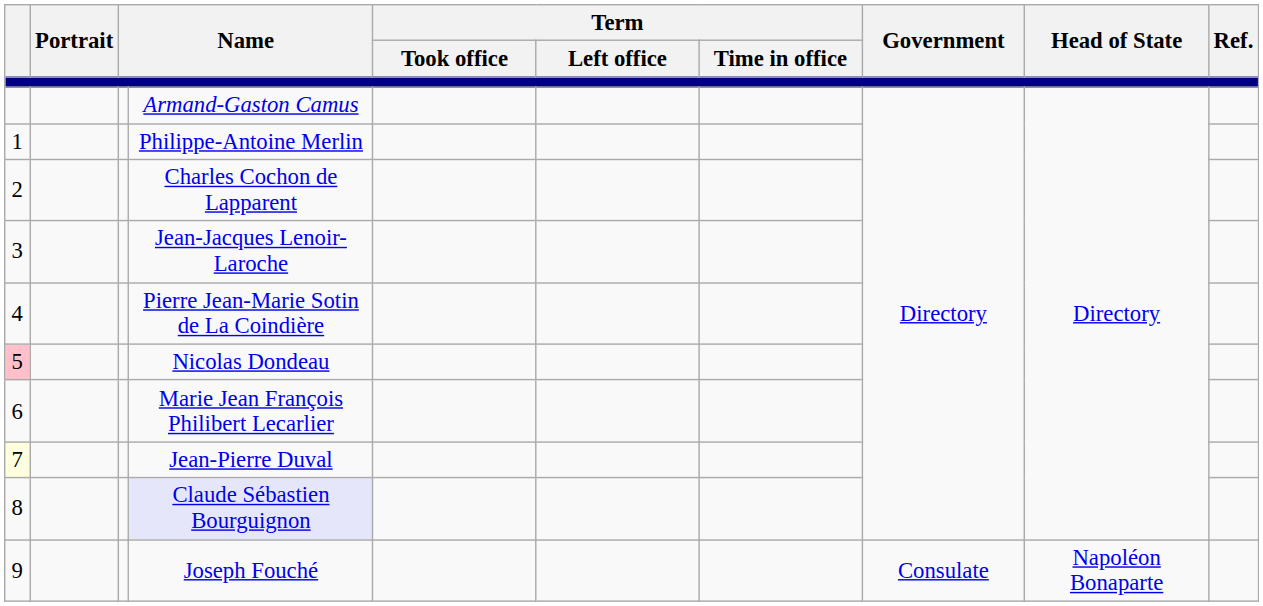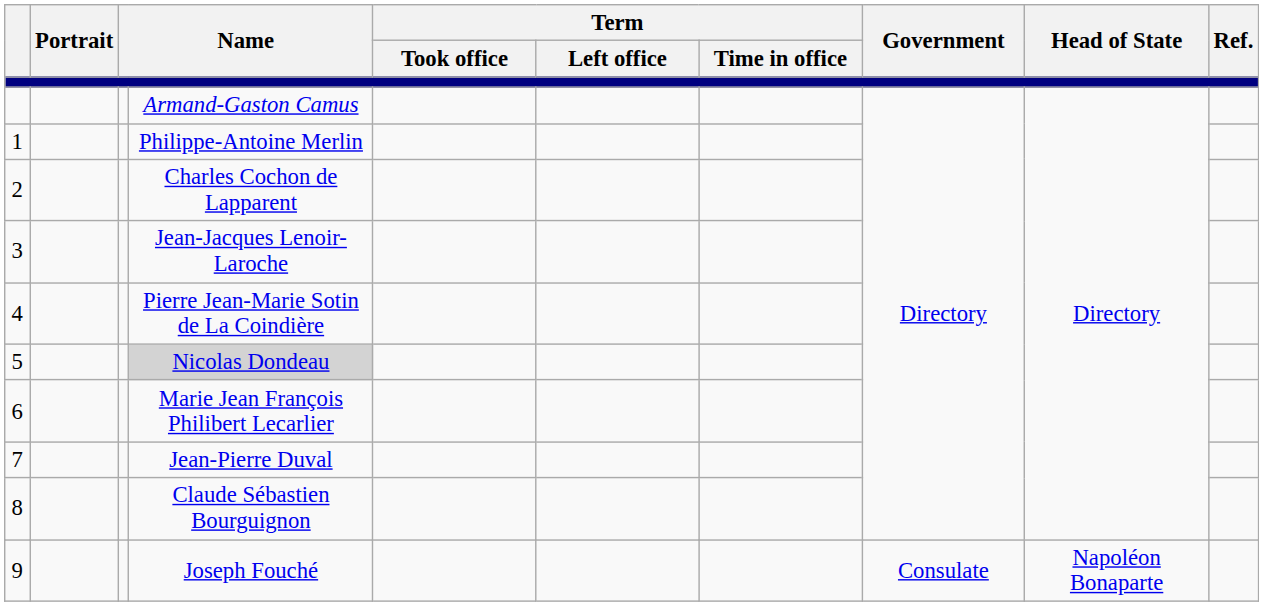 <table class="wikitable" style="text-align:center; width:100%">
 <tr>
 <th style="width:2%" rowspan=2></th>
 <th style="width:5%" rowspan=2>Portrait</th>
 <th style="width:20%" rowspan=2, colspan=2>Name</th>
 <th colspan=3>Term</th>
 <th style="width:13%" rowspan=2>Government</th>
 <th rowspan=2>Head of State</th>
 <th style="width:2%" rowspan=2>Ref.</th>
 </tr>
 <tr>
 <th style="width:13%">Took office</th>
 <th style="width:13%">Left office</th>
 <th style="width:13%">Time in office</th>
 </tr>
 <tr bgcolor="navy">
 <td colspan=10></td>
 </tr>
 <tr>
 <td></td>
 <td></td>
 <td style="background:"></td>
 <td><em><a href='#'>Armand-Gaston Camus</a></em></td>
 <td><br><small><em></em></small></td>
 <td><br><small><em></em></small></td>
 <td></td>
 <td rowspan=10><a href='#'>Directory</a></td>
 <td rowspan=10><a href='#'>Directory</a></td>
 <td></td>
 </tr>
 <tr>
 <td>1</td>
 <td></td>
 <td style="background:"></td>
 <td><a href='#'>Philippe-Antoine Merlin</a></td>
 <td><br><small><em></em></small></td>
 <td><br><small><em></em></small></td>
 <td></td>
 <td></td>
 </tr>
 <tr>
 <td>2</td>
 <td></td>
 <td style="background:"></td>
 <td><a href='#'>Charles Cochon de Lapparent</a></td>
 <td><br><small><em></em></small></td>
 <td><br><small><em></em></small></td>
 <td></td>
 <td></td>
 </tr>
 <tr>
 <td>3</td>
 <td></td>
 <td style="background:"></td>
 <td><a href='#'>Jean-Jacques Lenoir-Laroche</a></td>
 <td><br><small><em></em></small></td>
 <td><br><small><em></em></small></td>
 <td></td>
 <td></td>
 </tr>
 <tr>
 <td>4</td>
 <td></td>
 <td style="background:"></td>
 <td><a href='#'>Pierre Jean-Marie Sotin de La Coindière</a></td>
 <td><br><small><em></em></small></td>
 <td><br><small><em></em></small></td>
 <td></td>
 <td></td>
 </tr>
 <tr>
-<td style="background: pink;">5</td>
+<td>5</td>
 <td></td>
 <td style="background:"></td>
-<td><a href='#'>Nicolas Dondeau</a></td>
+<td style="background: lightgrey;"><a href='#'>Nicolas Dondeau</a></td>
 <td><br><small><em></em></small></td>
 <td><br><small><em></em></small></td>
 <td></td>
 <td></td>
 </tr>
 <tr>
 <td>6</td>
 <td></td>
 <td style="background:"></td>
 <td><a href='#'>Marie Jean François Philibert Lecarlier</a></td>
 <td><br><small><em></em></small></td>
 <td><br><small><em></em></small></td>
 <td></td>
 <td></td>
 </tr>
 <tr>
-<td style="background: lightyellow;">7</td>
+<td>7</td>
 <td></td>
 <td style="background:"></td>
 <td><a href='#'>Jean-Pierre Duval</a></td>
 <td><br><small><em></em></small></td>
 <td><br><small><em></em></small></td>
 <td></td>
 <td></td>
 </tr>
 <tr>
 <td>8</td>
 <td></td>
 <td style="background:"></td>
-<td style="background: lavender;"><a href='#'>Claude Sébastien Bourguignon</a></td>
+<td><a href='#'>Claude Sébastien Bourguignon</a></td>
 <td><br><small><em></em></small></td>
 <td><br><small><em></em></small></td>
 <td></td>
 <td></td>
 </tr>
 <tr>
 <td rowspan=2>9</td>
 <td rowspan=2></td>
 <td rowspan=2 style="background:"></td>
 <td rowspan=2><a href='#'>Joseph Fouché</a></td>
 <td rowspan=2><br><small><em></em></small></td>
 <td rowspan=2><br><small><em></em></small></td>
 <td rowspan=2></td>
 <td rowspan=2></td>
 </tr>
 <tr>
 <td><a href='#'>Consulate</a></td>
 <td><a href='#'>Napoléon Bonaparte</a></td>
 </tr>
 </table>
